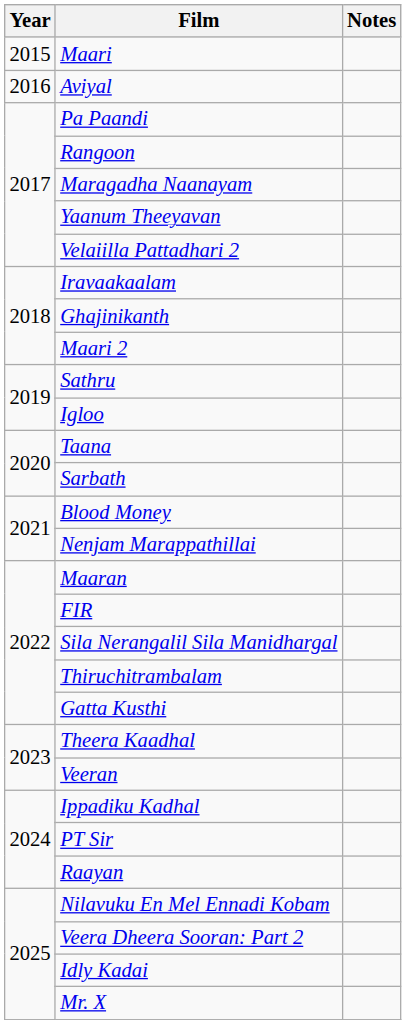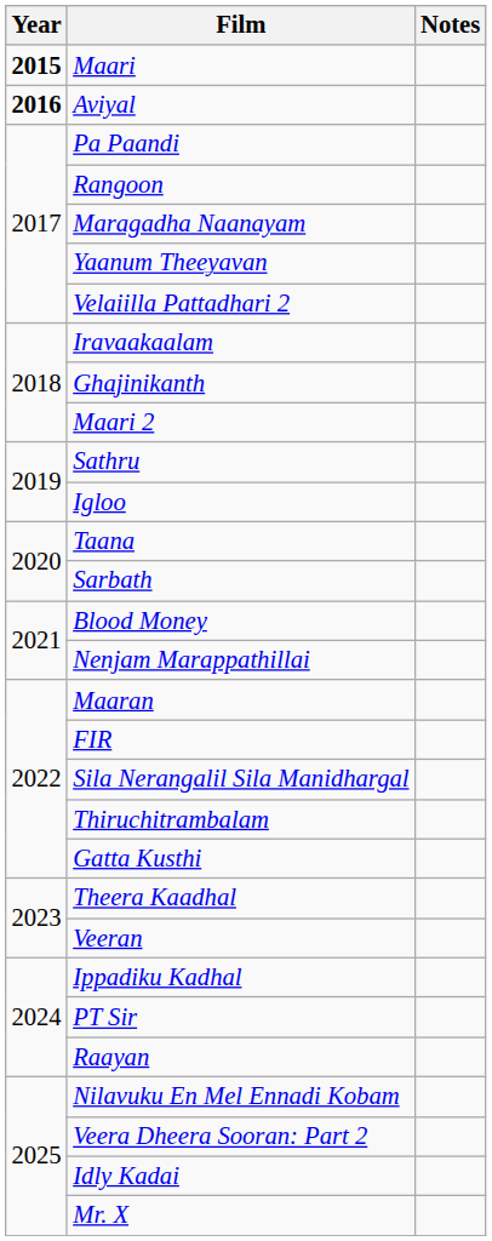 <table class="wikitable">
 <tr style="background:#ccc; text-align:center;">
 <th>Year</th>
 <th>Film</th>
 <th>Notes</th>
 </tr>
 <tr>
-<td rowspan="1">2015</td>
+<td rowspan="1"><strong>2015</strong></td>
 <td><em><a href='#'>Maari</a></em></td>
 <td></td>
 </tr>
 <tr>
-<td rowspan="1">2016</td>
+<td rowspan="1"><strong>2016</strong></td>
 <td><em><a href='#'>Aviyal</a></em></td>
 <td></td>
 </tr>
 <tr>
 <td rowspan="5">2017</td>
 <td><em><a href='#'>Pa Paandi</a></em></td>
 <td></td>
 </tr>
 <tr>
 <td><em><a href='#'>Rangoon</a></em></td>
 <td></td>
 </tr>
 <tr>
 <td><em><a href='#'>Maragadha Naanayam</a></em></td>
 <td></td>
 </tr>
 <tr>
 <td><em><a href='#'>Yaanum Theeyavan</a></em></td>
 <td></td>
 </tr>
 <tr>
 <td><em><a href='#'>Velaiilla Pattadhari 2</a></em></td>
 <td></td>
 </tr>
 <tr>
 <td rowspan="3">2018</td>
 <td><em><a href='#'>Iravaakaalam</a></em></td>
 <td></td>
 </tr>
 <tr>
 <td><em><a href='#'>Ghajinikanth</a></em></td>
 <td></td>
 </tr>
 <tr>
 <td><em><a href='#'>Maari 2</a></em></td>
 <td></td>
 </tr>
 <tr>
 <td rowspan="2">2019</td>
 <td><em><a href='#'>Sathru</a></em></td>
 <td></td>
 </tr>
 <tr>
 <td><em><a href='#'>Igloo</a></em></td>
 <td></td>
 </tr>
 <tr>
 <td rowspan="2">2020</td>
 <td><em><a href='#'>Taana</a></em></td>
 <td></td>
 </tr>
 <tr>
 <td><em><a href='#'>Sarbath</a></em></td>
 <td></td>
 </tr>
 <tr>
 <td rowspan="2">2021</td>
 <td><em><a href='#'>Blood Money</a></em></td>
 <td></td>
 </tr>
 <tr>
 <td><em><a href='#'>Nenjam Marappathillai</a></em></td>
 <td></td>
 </tr>
 <tr>
 <td rowspan="5">2022</td>
 <td><em><a href='#'>Maaran</a></em></td>
 <td></td>
 </tr>
 <tr>
 <td><em><a href='#'>FIR</a></em></td>
 <td></td>
 </tr>
 <tr>
 <td><em><a href='#'>Sila Nerangalil Sila Manidhargal</a></em></td>
 <td></td>
 </tr>
 <tr>
 <td><em><a href='#'>Thiruchitrambalam</a></em></td>
 <td></td>
 </tr>
 <tr>
 <td><em><a href='#'>Gatta Kusthi</a></em></td>
 <td></td>
 </tr>
 <tr>
 <td rowspan="2">2023</td>
 <td><em><a href='#'>Theera Kaadhal</a></em></td>
 <td></td>
 </tr>
 <tr>
 <td><em><a href='#'>Veeran</a></em></td>
 <td></td>
 </tr>
 <tr>
 <td rowspan="3">2024</td>
 <td><em><a href='#'>Ippadiku Kadhal</a></em></td>
 <td></td>
 </tr>
 <tr>
 <td><em><a href='#'>PT Sir</a></em></td>
 <td></td>
 </tr>
 <tr>
 <td><em><a href='#'>Raayan</a></em></td>
 <td></td>
 </tr>
 <tr>
 <td rowspan="4">2025</td>
 <td><em><a href='#'>Nilavuku En Mel Ennadi Kobam</a></em></td>
 <td></td>
 </tr>
 <tr>
 <td><em><a href='#'>Veera Dheera Sooran: Part 2</a></em></td>
 <td></td>
 </tr>
 <tr>
 <td><em><a href='#'>Idly Kadai</a></em></td>
 <td></td>
 </tr>
 <tr>
 <td><em><a href='#'>Mr. X</a></em></td>
 <td></td>
 </tr>
 <tr>
 </tr>
 </table>
